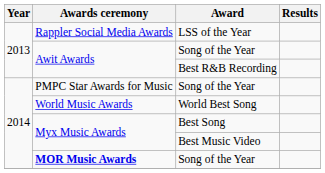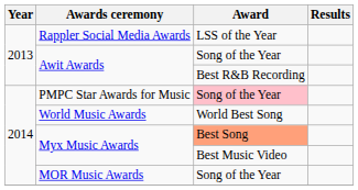 <table class="wikitable">
 <tr>
 <th>Year</th>
 <th>Awards ceremony</th>
 <th>Award</th>
 <th>Results</th>
 </tr>
 <tr>
 <td rowspan="3">2013</td>
 <td><a href='#'>Rappler Social Media Awards</a></td>
 <td>LSS of the Year</td>
 <td></td>
 </tr>
 <tr>
 <td rowspan="2"><a href='#'>Awit Awards</a></td>
 <td>Song of the Year</td>
 <td></td>
 </tr>
 <tr>
 <td>Best R&B Recording</td>
 <td></td>
 </tr>
 <tr>
 <td rowspan="5">2014</td>
 <td>PMPC Star Awards for Music</td>
-<td>Song of the Year</td>
+<td style="background: pink;">Song of the Year</td>
 <td></td>
 </tr>
 <tr>
 <td><a href='#'>World Music Awards</a></td>
 <td>World Best Song</td>
 <td></td>
 </tr>
 <tr>
 <td rowspan="2"><a href='#'>Myx Music Awards</a></td>
-<td>Best Song</td>
+<td style="background: lightsalmon;">Best Song</td>
 <td></td>
 </tr>
 <tr>
 <td>Best Music Video</td>
 <td></td>
 </tr>
 <tr>
-<td><strong><a href='#'>MOR Music Awards</a></strong></td>
+<td><a href='#'>MOR Music Awards</a></td>
 <td>Song of the Year</td>
 <td></td>
 </tr>
 <tr>
 </tr>
 </table>
